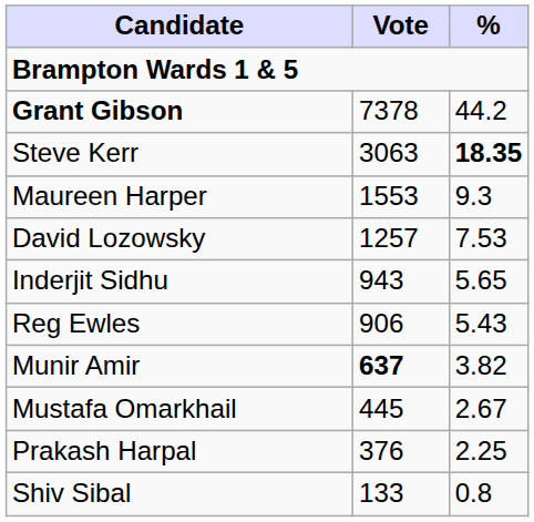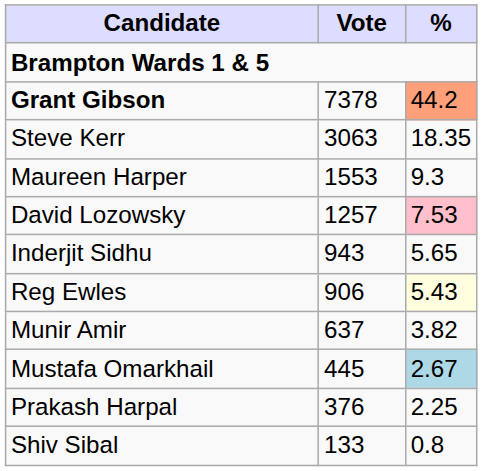 <table class="wikitable" style="float:right">
 <tr>
 <th style="background:#ddf; width:200px;">Candidate</th>
 <th style="background:#ddf; width:50px;">Vote</th>
 <th style="background:#ddf; width:30px;">%</th>
 </tr>
 <tr>
 <td colspan="4"><strong>Brampton Wards 1 & 5</strong></td>
 </tr>
 <tr>
 <td><strong>Grant Gibson</strong></td>
 <td>7378</td>
-<td>44.2</td>
+<td style="background: lightsalmon;">44.2</td>
 </tr>
 <tr>
 <td>Steve Kerr</td>
 <td>3063</td>
-<td><strong>18.35</strong></td>
+<td>18.35</td>
 </tr>
 <tr>
 <td>Maureen Harper</td>
 <td>1553</td>
 <td>9.3</td>
 </tr>
 <tr>
 <td>David Lozowsky</td>
 <td>1257</td>
-<td>7.53</td>
+<td style="background: pink;">7.53</td>
 </tr>
 <tr>
 <td>Inderjit Sidhu</td>
 <td>943</td>
 <td>5.65</td>
 </tr>
 <tr>
 <td>Reg Ewles</td>
 <td>906</td>
-<td>5.43</td>
+<td style="background: lightyellow;">5.43</td>
 </tr>
 <tr>
 <td>Munir Amir</td>
-<td><strong>637</strong></td>
+<td>637</td>
 <td>3.82</td>
 </tr>
 <tr>
 <td>Mustafa Omarkhail</td>
 <td>445</td>
-<td>2.67</td>
+<td style="background: lightblue;">2.67</td>
 </tr>
 <tr>
 <td>Prakash Harpal</td>
 <td>376</td>
 <td>2.25</td>
 </tr>
 <tr>
 <td>Shiv Sibal</td>
 <td>133</td>
 <td>0.8</td>
 </tr>
 </table>
